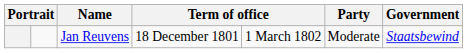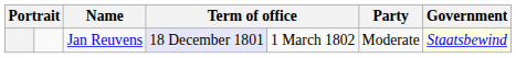 <table class="wikitable" style="text-align:center">
 <tr>
 <th colspan=2>Portrait</th>
 <th>Name</th>
 <th colspan=2>Term of office</th>
 <th>Party</th>
 <th>Government</th>
 </tr>
 <tr>
 <th style="background:"></th>
 <td></td>
 <td><a href='#'>Jan Reuvens</a></td>
-<td>18 December 1801</td>
+<td style="background: lavender;">18 December 1801</td>
 <td>1 March 1802</td>
 <td>Moderate</td>
-<td><em><a href='#'>Staatsbewind</a></em></td>
+<td style="background: lightyellow;"><em><a href='#'>Staatsbewind</a></em></td>
 </tr>
 </table>
